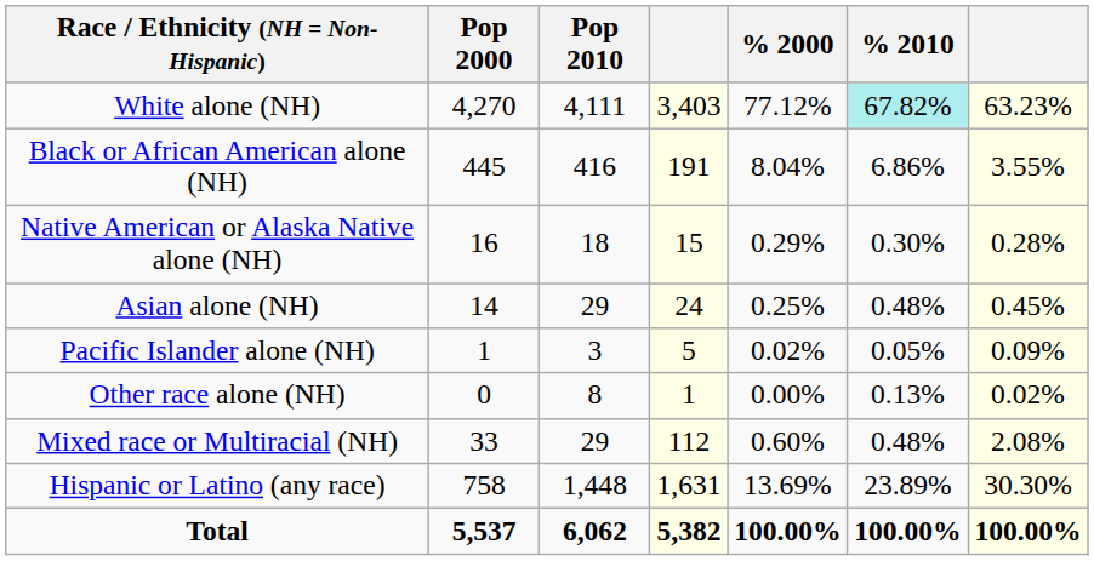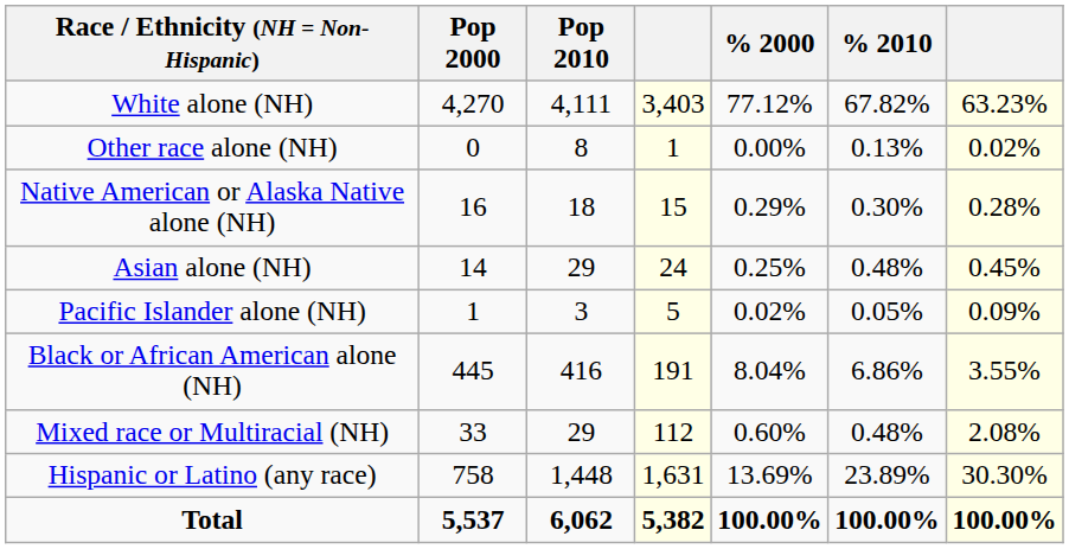 <table class="wikitable" style="text-align:center;">
 <tr>
 <th>Race / Ethnicity <small>(<em>NH = Non-Hispanic</em>)</small></th>
 <th>Pop 2000</th>
 <th>Pop 2010</th>
 <th></th>
 <th>% 2000</th>
 <th>% 2010</th>
 <th></th>
 </tr>
 <tr>
 <td><a href='#'>White</a> alone (NH)</td>
 <td>4,270</td>
 <td>4,111</td>
 <td style='background: #ffffe6;'>3,403</td>
 <td>77.12%</td>
-<td style="background: paleturquoise;">67.82%</td>
+<td>67.82%</td>
 <td style='background: #ffffe6;'>63.23%</td>
 </tr>
 <tr>
-<td><a href='#'>Black or African American</a> alone (NH)</td>
-<td>445</td>
-<td>416</td>
-<td style='background: #ffffe6;'>191</td>
-<td>8.04%</td>
-<td>6.86%</td>
-<td style='background: #ffffe6;'>3.55%</td>
+<td><a href='#'>Other race</a> alone (NH)</td>
+<td>0</td>
+<td>8</td>
+<td style='background: #ffffe6;'>1</td>
+<td>0.00%</td>
+<td>0.13%</td>
+<td style='background: #ffffe6;'>0.02%</td>
 </tr>
 <tr>
 <td><a href='#'>Native American</a> or <a href='#'>Alaska Native</a> alone (NH)</td>
 <td>16</td>
 <td>18</td>
 <td style='background: #ffffe6;'>15</td>
 <td>0.29%</td>
 <td>0.30%</td>
 <td style='background: #ffffe6;'>0.28%</td>
 </tr>
 <tr>
 <td><a href='#'>Asian</a> alone (NH)</td>
 <td>14</td>
 <td>29</td>
 <td style='background: #ffffe6;'>24</td>
 <td>0.25%</td>
 <td>0.48%</td>
 <td style='background: #ffffe6;'>0.45%</td>
 </tr>
 <tr>
 <td><a href='#'>Pacific Islander</a> alone (NH)</td>
 <td>1</td>
 <td>3</td>
 <td style='background: #ffffe6;'>5</td>
 <td>0.02%</td>
 <td>0.05%</td>
 <td style='background: #ffffe6;'>0.09%</td>
 </tr>
 <tr>
-<td><a href='#'>Other race</a> alone (NH)</td>
-<td>0</td>
-<td>8</td>
-<td style='background: #ffffe6;'>1</td>
-<td>0.00%</td>
-<td>0.13%</td>
-<td style='background: #ffffe6;'>0.02%</td>
+<td><a href='#'>Black or African American</a> alone (NH)</td>
+<td>445</td>
+<td>416</td>
+<td style='background: #ffffe6;'>191</td>
+<td>8.04%</td>
+<td>6.86%</td>
+<td style='background: #ffffe6;'>3.55%</td>
 </tr>
 <tr>
 <td><a href='#'>Mixed race or Multiracial</a> (NH)</td>
 <td>33</td>
 <td>29</td>
 <td style='background: #ffffe6;'>112</td>
 <td>0.60%</td>
 <td>0.48%</td>
 <td style='background: #ffffe6;'>2.08%</td>
 </tr>
 <tr>
 <td><a href='#'>Hispanic or Latino</a> (any race)</td>
 <td>758</td>
 <td>1,448</td>
 <td style='background: #ffffe6;'>1,631</td>
 <td>13.69%</td>
 <td>23.89%</td>
 <td style='background: #ffffe6;'>30.30%</td>
 </tr>
 <tr>
 <td><strong>Total</strong></td>
 <td><strong>5,537</strong></td>
 <td><strong>6,062</strong></td>
 <td style='background: #ffffe6;'><strong>5,382</strong></td>
 <td><strong>100.00%</strong></td>
 <td><strong>100.00%</strong></td>
 <td style='background: #ffffe6;'><strong>100.00%</strong></td>
 </tr>
 </table>
